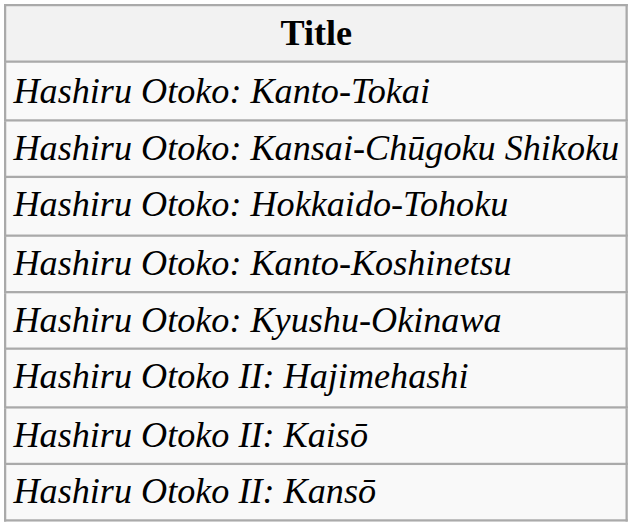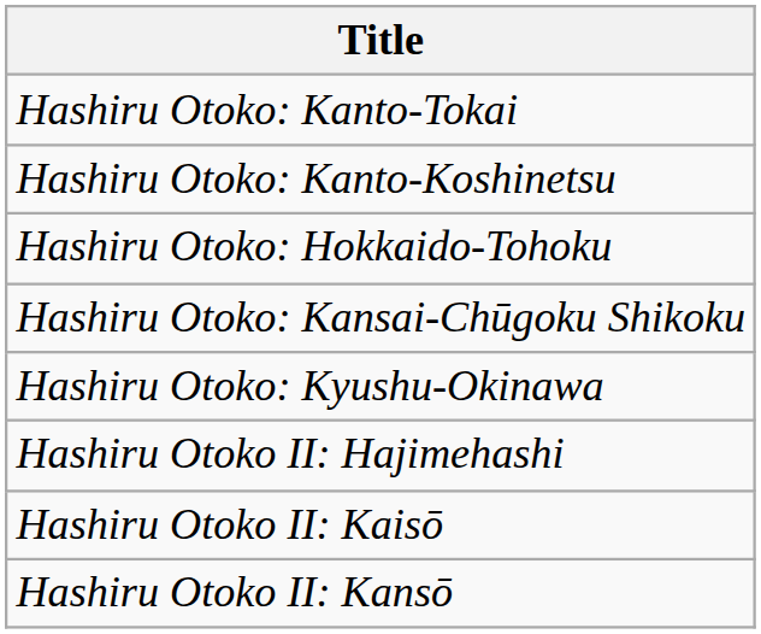 <table class="wikitable">
 <tr>
 <th>Title</th>
 </tr>
 <tr>
 <td><em>Hashiru Otoko: Kanto-Tokai</em></td>
 </tr>
 <tr>
-<td><em>Hashiru Otoko: Kansai-Chūgoku Shikoku</em></td>
+<td><em>Hashiru Otoko: Kanto-Koshinetsu</em></td>
 </tr>
 <tr>
 <td><em>Hashiru Otoko: Hokkaido-Tohoku</em></td>
 </tr>
 <tr>
-<td><em>Hashiru Otoko: Kanto-Koshinetsu</em></td>
+<td><em>Hashiru Otoko: Kansai-Chūgoku Shikoku</em></td>
 </tr>
 <tr>
 <td><em>Hashiru Otoko: Kyushu-Okinawa</em></td>
 </tr>
 <tr>
 <td><em>Hashiru Otoko II: Hajimehashi</em></td>
 </tr>
 <tr>
 <td><em>Hashiru Otoko II: Kaisō</em></td>
 </tr>
 <tr>
 <td><em>Hashiru Otoko II: Kansō</em></td>
 </tr>
 </table>
